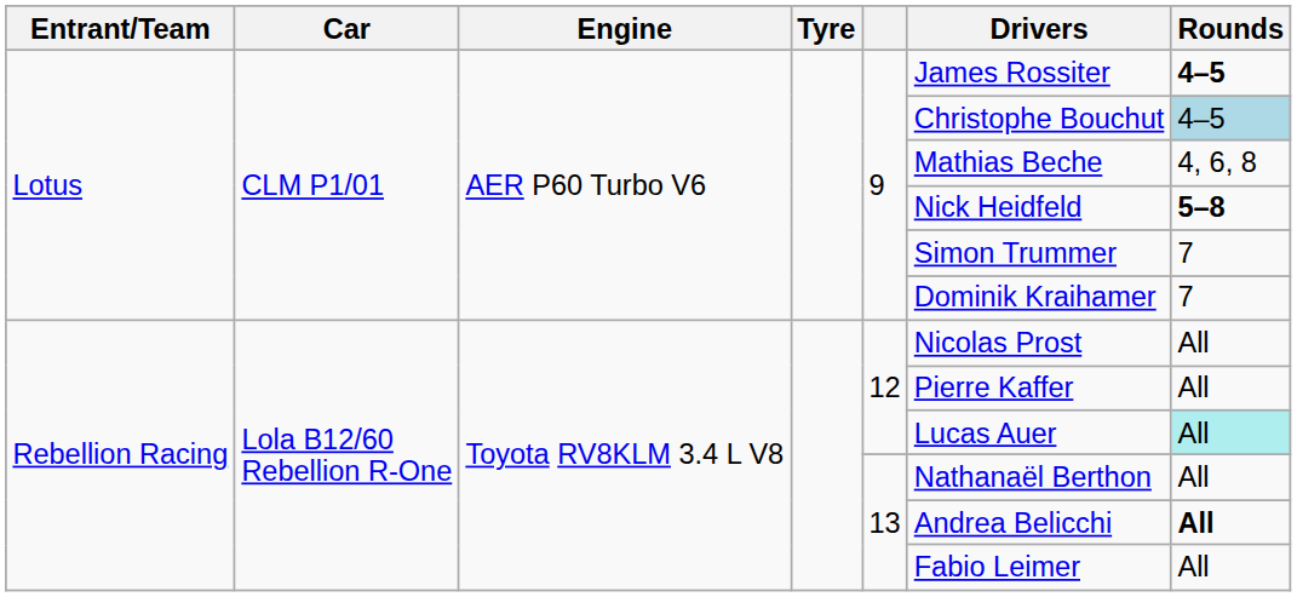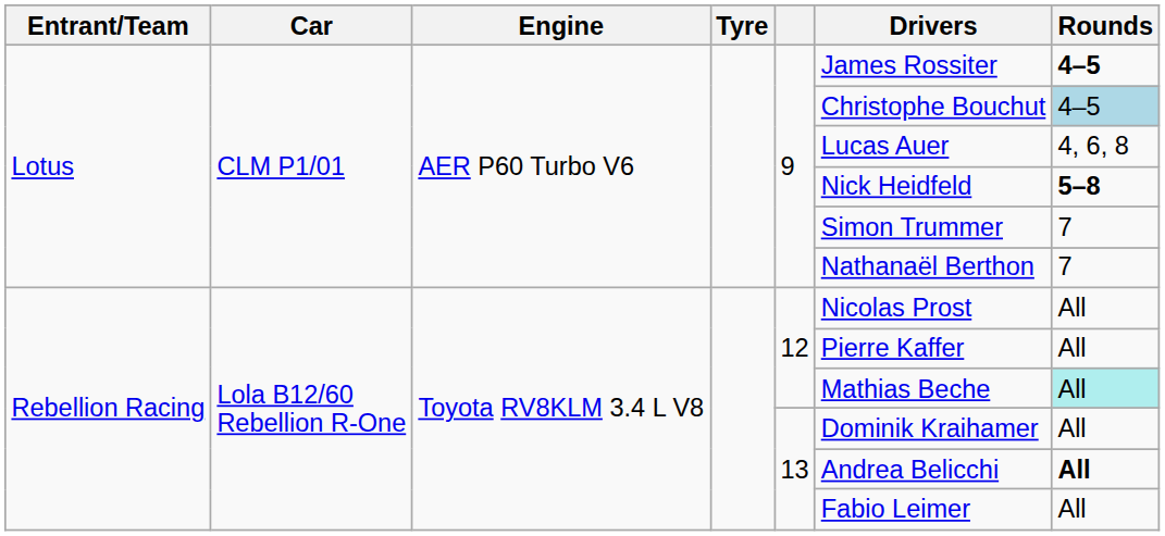 <table class="wikitable" style="font-size: 85%">
 <tr>
 <th>Entrant/Team</th>
 <th>Car</th>
 <th>Engine</th>
 <th>Tyre</th>
 <th></th>
 <th>Drivers</th>
 <th>Rounds</th>
 </tr>
 <tr>
 <td rowspan=6> <a href='#'>Lotus</a></td>
 <td rowspan=6><a href='#'>CLM P1/01</a></td>
 <td rowspan=6><a href='#'>AER</a> P60 Turbo V6</td>
 <td rowspan=6></td>
 <td rowspan=6>9</td>
 <td> <a href='#'>James Rossiter</a></td>
 <td><strong>4–5</strong></td>
 </tr>
 <tr>
 <td> <a href='#'>Christophe Bouchut</a></td>
 <td style="background: lightblue;">4–5</td>
 </tr>
 <tr>
-<td> <a href='#'>Mathias Beche</a></td>
+<td> <a href='#'>Lucas Auer</a></td>
 <td>4, 6, 8</td>
 </tr>
 <tr>
 <td> <a href='#'>Nick Heidfeld</a></td>
 <td><strong>5–8</strong></td>
 </tr>
 <tr>
 <td> <a href='#'>Simon Trummer</a></td>
 <td>7</td>
 </tr>
 <tr>
-<td> <a href='#'>Dominik Kraihamer</a></td>
+<td> <a href='#'>Nathanaël Berthon</a></td>
 <td>7</td>
 </tr>
 <tr>
 <td rowspan=6> <a href='#'>Rebellion Racing</a></td>
 <td rowspan=6><a href='#'>Lola B12/60</a><br><a href='#'>Rebellion R-One</a></td>
 <td rowspan=6><a href='#'>Toyota</a> <a href='#'>RV8KLM</a> 3.4 L V8</td>
 <td rowspan=6></td>
 <td rowspan=3>12</td>
 <td> <a href='#'>Nicolas Prost</a></td>
 <td>All</td>
 </tr>
 <tr>
 <td> <a href='#'>Pierre Kaffer</a></td>
 <td>All</td>
 </tr>
 <tr>
-<td> <a href='#'>Lucas Auer</a></td>
+<td> <a href='#'>Mathias Beche</a></td>
 <td style="background: paleturquoise;">All</td>
 </tr>
 <tr>
 <td rowspan=3>13</td>
-<td> <a href='#'>Nathanaël Berthon</a></td>
+<td> <a href='#'>Dominik Kraihamer</a></td>
 <td>All</td>
 </tr>
 <tr>
 <td> <a href='#'>Andrea Belicchi</a></td>
 <td><strong>All</strong></td>
 </tr>
 <tr>
 <td> <a href='#'>Fabio Leimer</a></td>
 <td>All</td>
 </tr>
 </table>
